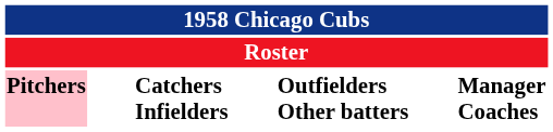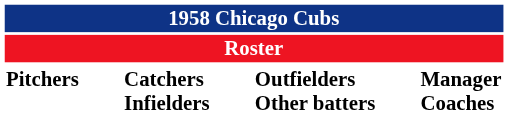 <table class="toccolours" style="font-size: 95%;">
 <tr>
 <th colspan="10" style="background-color: #0e3386; color: white; text-align: center;">1958 Chicago Cubs</th>
 </tr>
 <tr>
 <td colspan="10" style="background-color: #EE1422; color: white; text-align: center;"><strong>Roster</strong></td>
 </tr>
 <tr>
-<td valign="top" style="background: pink;"><strong>Pitchers</strong><br>                  </td>
+<td valign="top"><strong>Pitchers</strong><br>                  </td>
 <td width="25px"></td>
 <td valign="top"><strong>Catchers</strong><br>    <strong>Infielders</strong>         </td>
 <td width="25px"></td>
 <td valign="top"><strong>Outfielders</strong><br>        <strong>Other batters</strong>     </td>
 <td width="25px"></td>
 <td valign="top"><strong>Manager</strong><br> <strong>Coaches</strong>   </td>
 </tr>
 <tr>
 </tr>
 </table>
